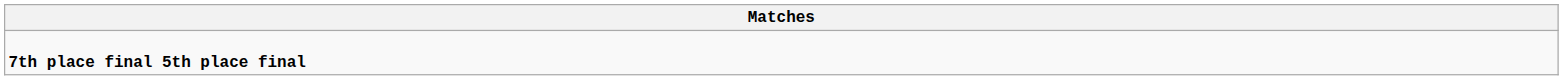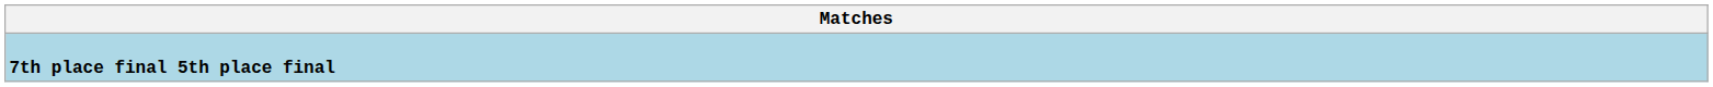 <table class="wikitable collapsible collapsed" style="width:100%;">
 <tr>
 <th>Matches</th>
 </tr>
 <tr>
-<td><br><strong>7th place final</strong>  <strong>5th place final</strong> </td>
+<td style="background: lightblue;"><br><strong>7th place final</strong>  <strong>5th place final</strong> </td>
 </tr>
 </table>
